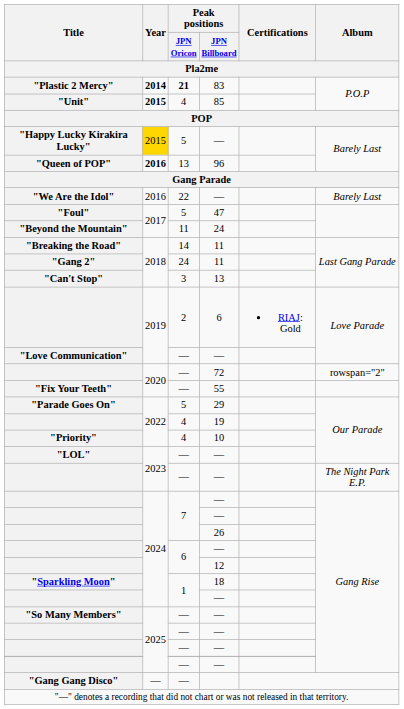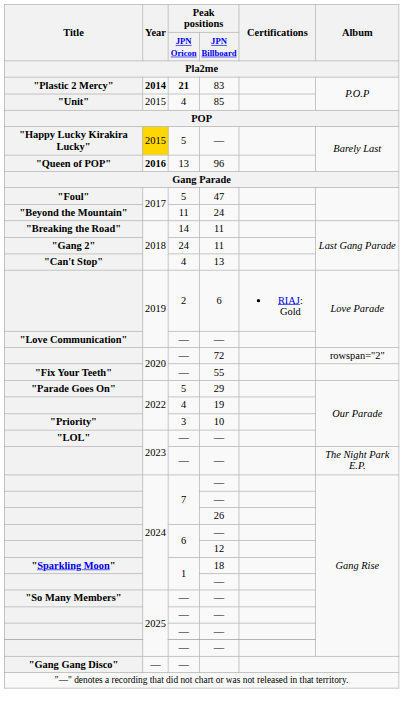 <table class="wikitable plainrowheaders" style="text-align:center;">
 <tr>
 <th scope="col" rowspan="2">Title</th>
 <th scope="col" rowspan="2">Year</th>
 <th scope="col" colspan="2">Peak<br> positions</th>
 <th scope="col" rowspan="2">Certifications</th>
 <th scope="col" rowspan="2">Album</th>
 </tr>
 <tr>
 <th scope="col" colspan="1"><small><a href='#'>JPN<br>Oricon</a></small><br></th>
 <th scope="col"><small><a href='#'>JPN<br>Billboard</a></small><br></th>
 </tr>
 <tr>
 <th colspan="6">Pla2me</th>
 </tr>
 <tr>
 <th scope="row">"Plastic 2 Mercy"</th>
 <td><strong>2014</strong></td>
 <td><strong>21</strong></td>
 <td>83</td>
 <td></td>
 <td rowspan="2"><em>P.O.P</em></td>
 </tr>
 <tr>
 <th scope="row">"Unit"</th>
-<td><strong>2015</strong></td>
+<td>2015</td>
 <td>4</td>
 <td>85</td>
 <td></td>
 </tr>
 <tr>
 <th colspan="6">POP</th>
 </tr>
 <tr>
 <th scope="row">"Happy Lucky Kirakira Lucky"</th>
 <td style="background: gold;">2015</td>
 <td>5</td>
 <td>—</td>
 <td></td>
 <td rowspan="2"><em>Barely Last</em></td>
 </tr>
 <tr>
 <th scope="row">"Queen of POP"</th>
 <td><strong>2016</strong></td>
 <td>13</td>
 <td>96</td>
 <td></td>
 </tr>
 <tr>
 <th colspan="6">Gang Parade</th>
-</tr>
-<tr>
-<th scope="row">"We Are the Idol"</th>
-<td>2016</td>
-<td>22</td>
-<td>—</td>
-<td></td>
-<td><em>Barely Last</em></td>
 </tr>
 <tr>
 <th scope="row">"Foul"</th>
 <td rowspan="2">2017</td>
 <td>5</td>
 <td>47</td>
 <td></td>
 <td rowspan="2"><em></em></td>
 </tr>
 <tr>
 <th scope="row">"Beyond the Mountain"</th>
 <td>11</td>
 <td>24</td>
 <td></td>
 </tr>
 <tr>
 <th scope="row">"Breaking the Road"</th>
 <td rowspan="3">2018</td>
 <td>14</td>
 <td>11</td>
 <td></td>
 <td rowspan="3"><em>Last Gang Parade</em></td>
 </tr>
 <tr>
 <th scope="row">"Gang 2"</th>
 <td>24</td>
 <td>11</td>
 <td></td>
 </tr>
 <tr>
 <th scope="row">"Can't Stop"</th>
-<td>3</td>
+<td>4</td>
 <td>13</td>
 <td></td>
 </tr>
 <tr>
 <th scope="row"></th>
 <td rowspan="2">2019</td>
 <td>2</td>
 <td>6</td>
 <td><br><ul><li><a href='#'>RIAJ</a>: Gold</li></ul></td>
 <td rowspan="2"><em>Love Parade</em></td>
 </tr>
 <tr>
 <th scope="row">"Love Communication"</th>
 <td>—</td>
 <td>—</td>
 <td></td>
 </tr>
 <tr>
 <th scope="row"></th>
 <td rowspan="2">2020</td>
 <td>—</td>
 <td>72</td>
 <td></td>
 <td>rowspan="2" </td>
 </tr>
 <tr>
 <th scope="row">"Fix Your Teeth"</th>
 <td>—</td>
 <td>55</td>
 <td></td>
 </tr>
 <tr>
 <th scope="row">"Parade Goes On"</th>
 <td rowspan="3">2022</td>
 <td>5</td>
 <td>29</td>
 <td></td>
 <td rowspan="4"><em>Our Parade</em></td>
 </tr>
 <tr>
 <th scope="row"></th>
 <td>4</td>
 <td>19</td>
 <td></td>
 </tr>
 <tr>
 <th scope="row">"Priority"</th>
-<td>4</td>
+<td>3</td>
 <td>10</td>
 <td></td>
 </tr>
 <tr>
 <th scope="row">"LOL"</th>
 <td rowspan="2">2023</td>
 <td>—</td>
 <td>—</td>
 <td></td>
 </tr>
 <tr>
 <th scope="row"></th>
 <td>—</td>
 <td>—</td>
 <td></td>
 <td><em>The Night Park E.P.</em></td>
 </tr>
 <tr>
 <th scope="row"></th>
 <td rowspan="7">2024</td>
 <td rowspan="3">7</td>
 <td>—</td>
 <td></td>
 <td rowspan="12"><em>Gang Rise</em></td>
 </tr>
 <tr>
 <th scope="row"></th>
 <td>—</td>
 <td></td>
 </tr>
 <tr>
 <th scope="row"></th>
 <td>26</td>
 <td></td>
 </tr>
 <tr>
 <th scope="row"></th>
 <td rowspan="2">6</td>
 <td>—</td>
 <td></td>
 </tr>
 <tr>
 <th scope="row"></th>
 <td>12</td>
 <td></td>
 </tr>
 <tr>
 <th scope="row">"<a href='#'>Sparkling Moon</a>"</th>
 <td rowspan="2">1</td>
 <td>18</td>
 <td></td>
 </tr>
 <tr>
 <th scope="row"></th>
 <td>—</td>
 <td></td>
 </tr>
 <tr>
 <th scope="row">"So Many Members"</th>
 <td rowspan="5">2025</td>
 <td>—</td>
 <td>—</td>
 <td></td>
 </tr>
 <tr>
 <th scope="row"></th>
 <td>—</td>
 <td>—</td>
 <td></td>
 </tr>
 <tr>
 <th scope="row"></th>
 <td>—</td>
 <td>—</td>
 <td></td>
 </tr>
 <tr>
 </tr>
 <tr>
 <th scope="row"></th>
 <td>—</td>
 <td>—</td>
 <td></td>
 </tr>
 <tr>
 <th scope="row">"Gang Gang Disco"</th>
 <td>—</td>
 <td>—</td>
 <td></td>
 </tr>
 <tr>
 <td align="center" colspan="6" style="font-size:90%">"—" denotes a recording that did not chart or was not released in that territory.</td>
 </tr>
 </table>
